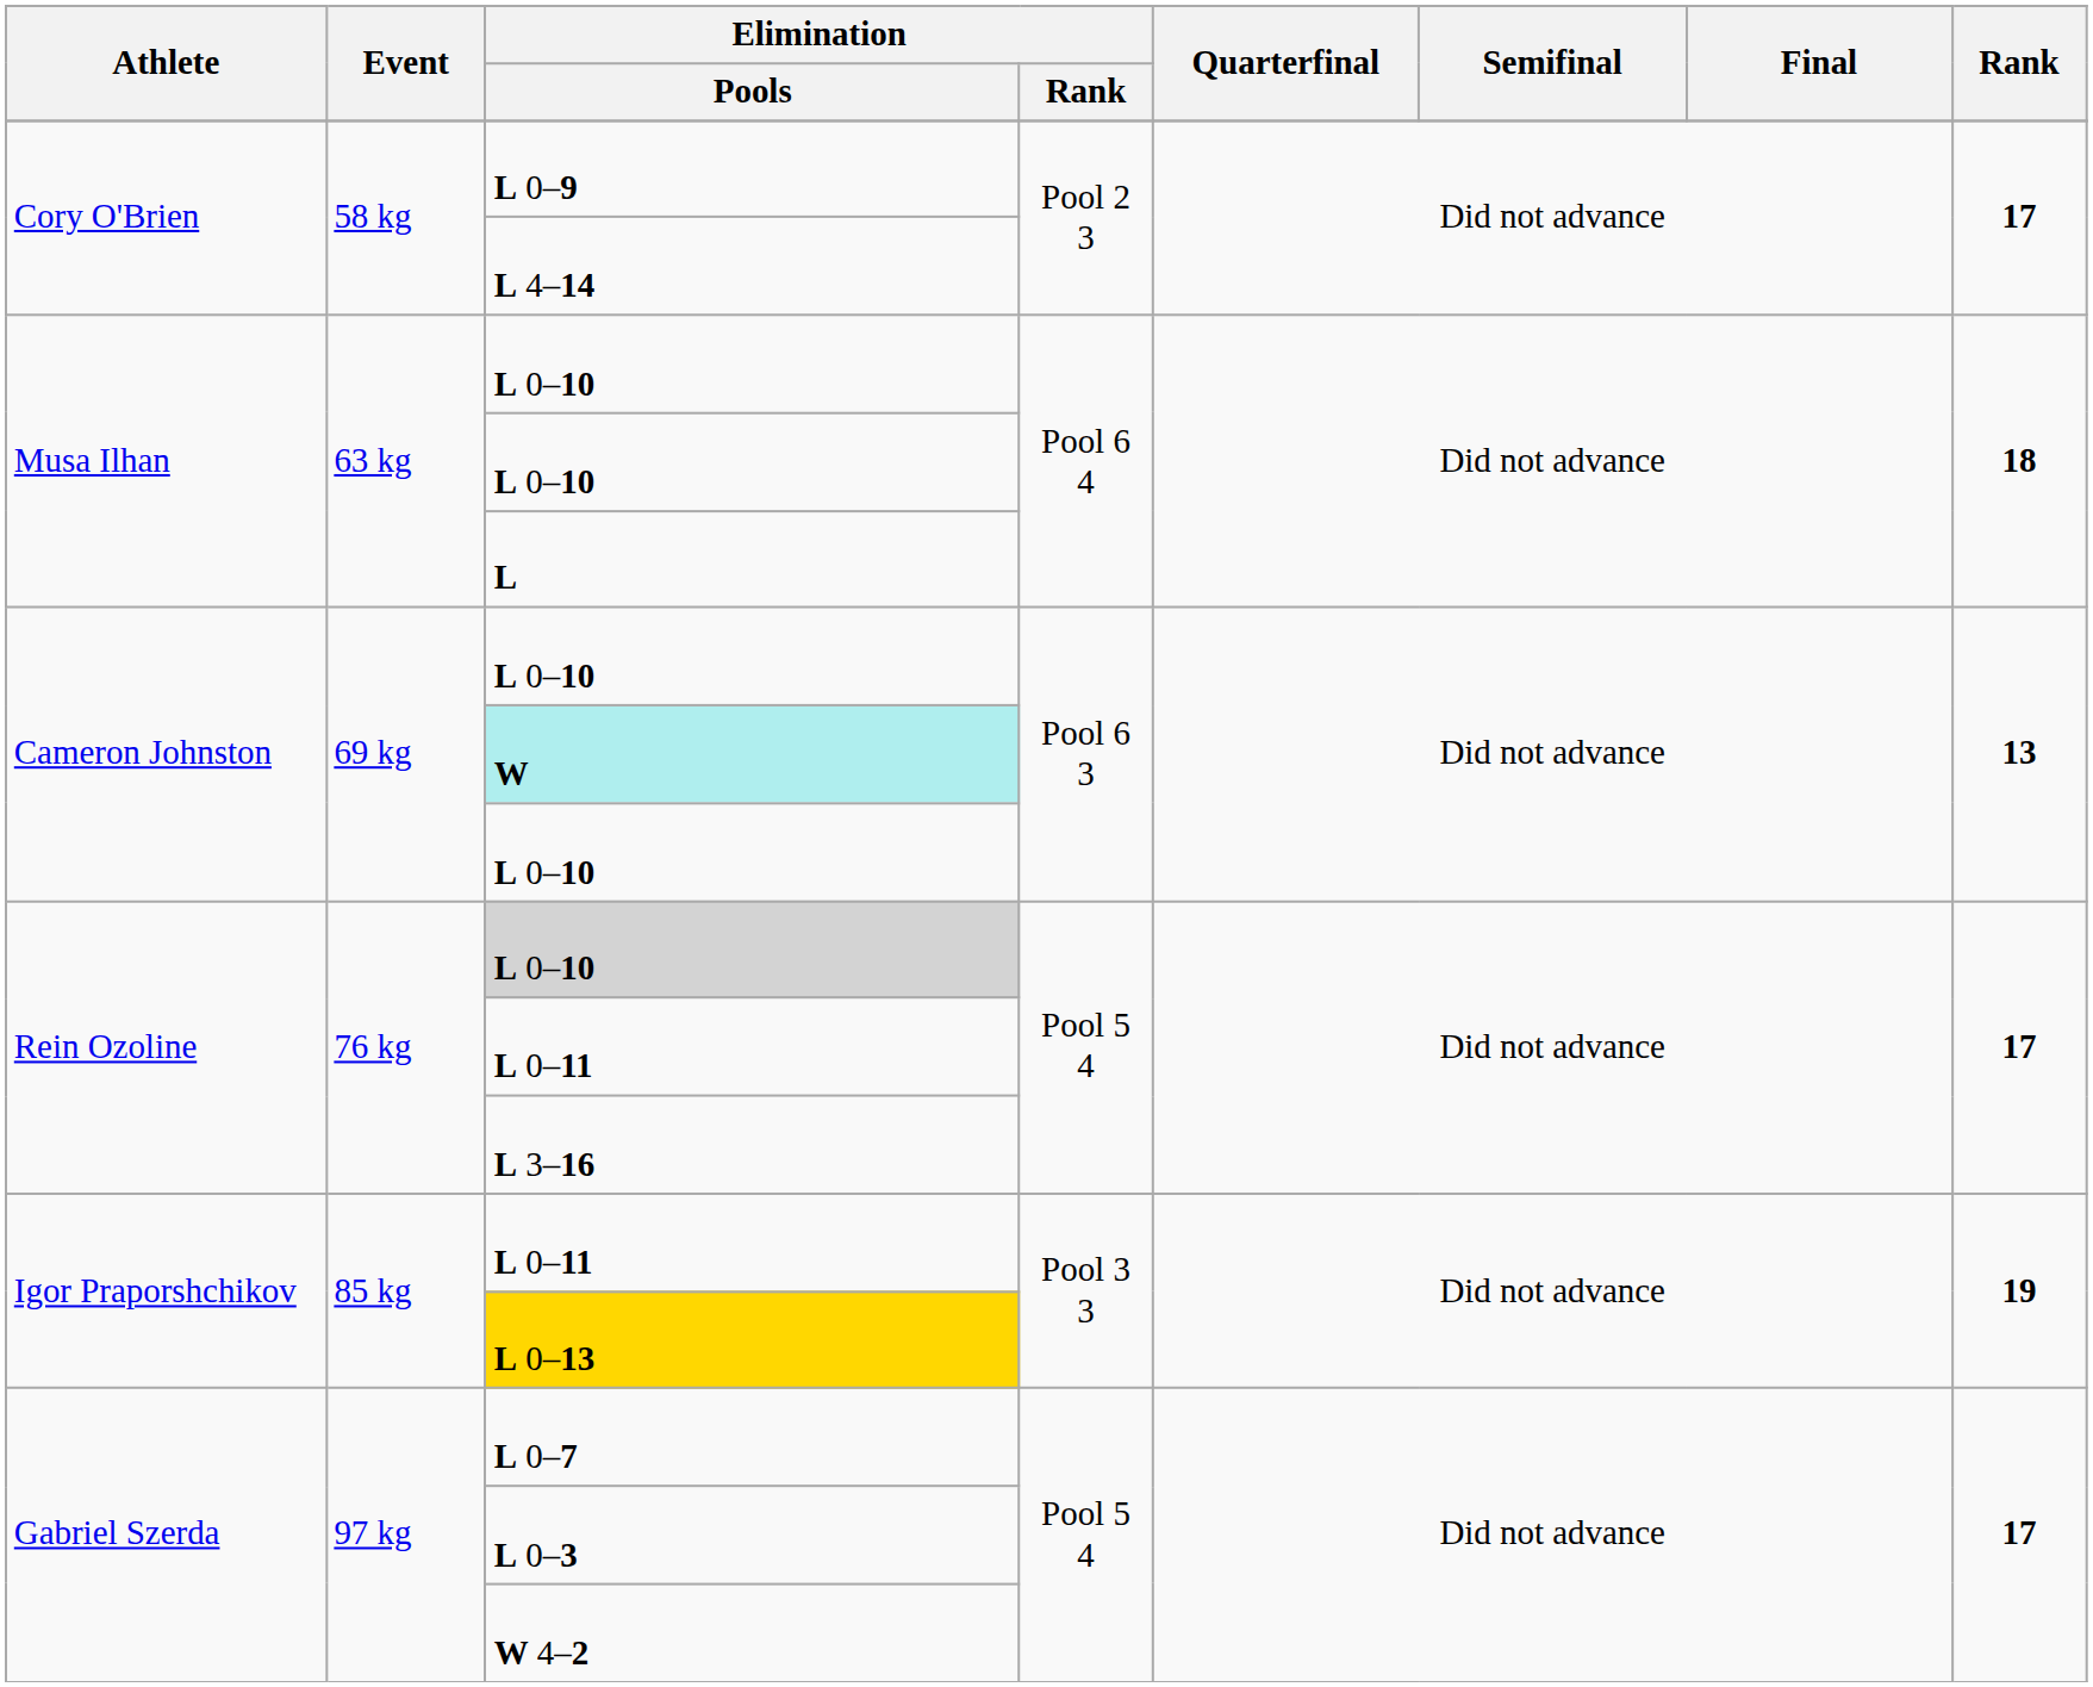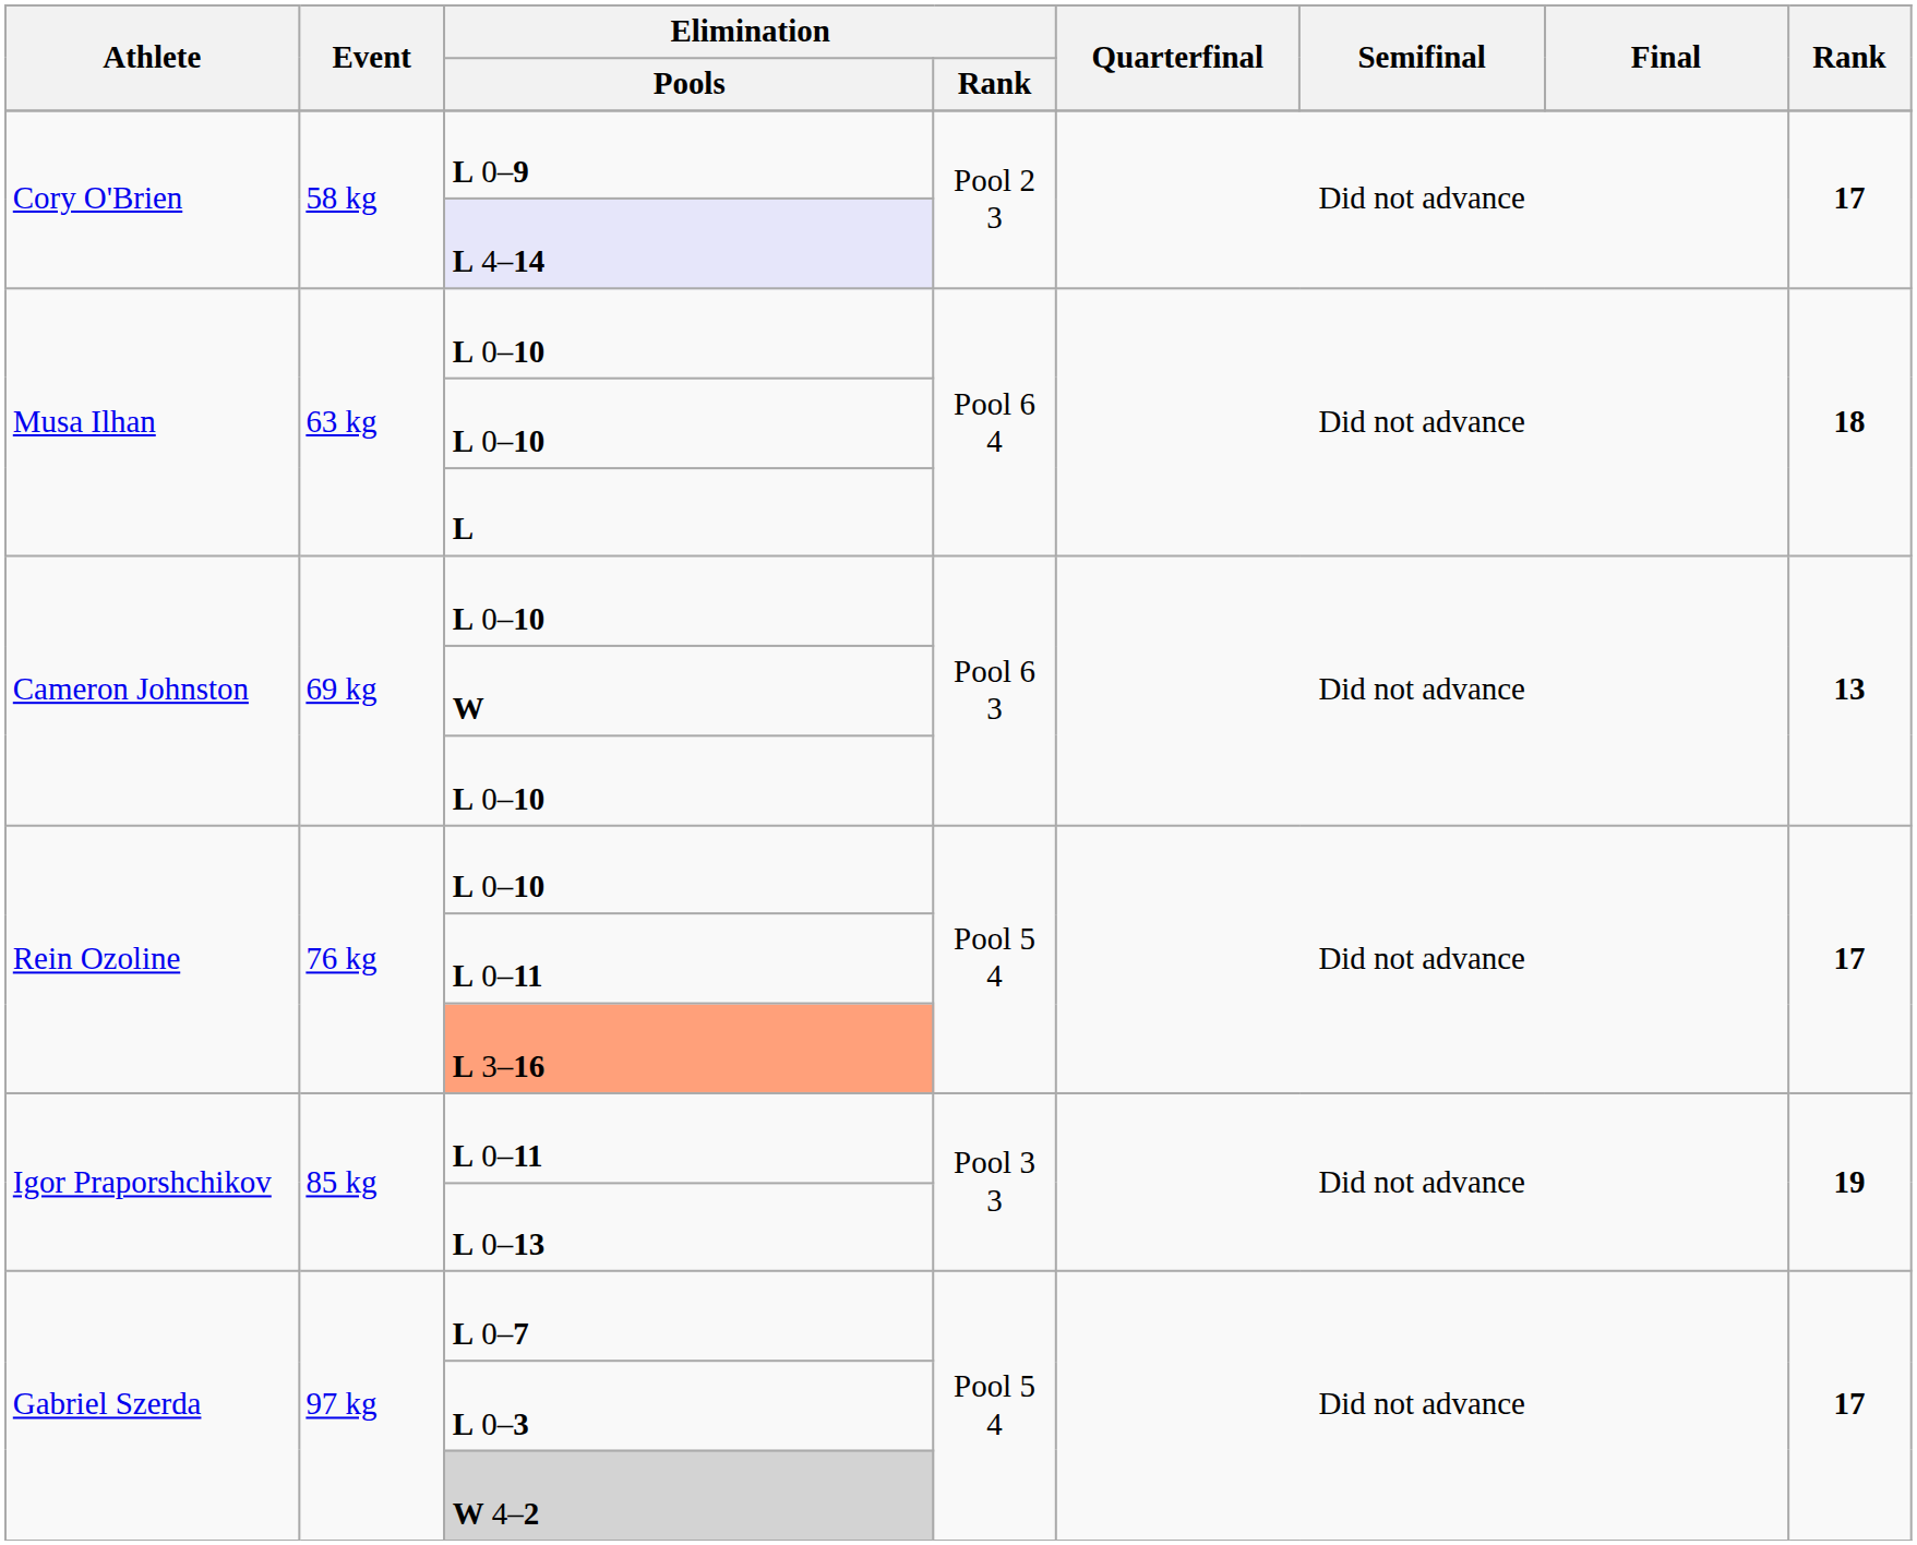 <table class="wikitable"  style="text-align:left; font-size:90%">
 <tr>
 <th rowspan="2" width="12%">Athlete</th>
 <th rowspan="2" width="6%">Event</th>
 <th colspan="2">Elimination</th>
 <th rowspan="2" width="10%">Quarterfinal</th>
 <th rowspan="2" width="10%">Semifinal</th>
 <th rowspan="2" width="10%">Final</th>
 <th rowspan="2" width="5%">Rank</th>
 </tr>
 <tr>
 <th width="20%">Pools</th>
 <th width="5%">Rank</th>
 </tr>
 <tr style="font-size: 95%">
 </tr>
 <tr>
 <td rowspan="2"><a href='#'>Cory O'Brien</a></td>
 <td rowspan="2"><a href='#'>58 kg</a></td>
 <td><br><strong>L</strong> 0–<strong>9</strong></td>
 <td rowspan="2" align=center>Pool 2<br>3</td>
 <td rowspan="2" colspan=3 align=center>Did not advance</td>
 <td rowspan="2" align="center"><strong>17</strong></td>
 </tr>
 <tr>
-<td><br><strong>L</strong> 4–<strong>14</strong></td>
+<td style="background: lavender;"><br><strong>L</strong> 4–<strong>14</strong></td>
 </tr>
 <tr>
 <td rowspan="3"><a href='#'>Musa Ilhan</a></td>
 <td rowspan="3"><a href='#'>63 kg</a></td>
 <td><br><strong>L</strong> 0–<strong>10</strong></td>
 <td rowspan="3" align=center>Pool 6<br>4</td>
 <td rowspan="3" colspan=3 align=center>Did not advance</td>
 <td rowspan="3" align="center"><strong>18</strong></td>
 </tr>
 <tr>
 <td><br><strong>L</strong> 0–<strong>10</strong></td>
 </tr>
 <tr>
 <td><br><strong>L</strong></td>
 </tr>
 <tr>
 <td rowspan="3"><a href='#'>Cameron Johnston</a></td>
 <td rowspan="3"><a href='#'>69 kg</a></td>
 <td><br><strong>L</strong> 0–<strong>10</strong></td>
 <td rowspan="3" align=center>Pool 6<br>3</td>
 <td rowspan="3" colspan=3 align=center>Did not advance</td>
 <td rowspan="3" align="center"><strong>13</strong></td>
 </tr>
 <tr>
-<td style="background: paleturquoise;"><br><strong>W</strong></td>
+<td><br><strong>W</strong></td>
 </tr>
 <tr>
 <td><br><strong>L</strong>  0–<strong>10</strong></td>
 </tr>
 <tr>
 <td rowspan="3"><a href='#'>Rein Ozoline</a></td>
 <td rowspan="3"><a href='#'>76 kg</a></td>
-<td style="background: lightgrey;"><br><strong>L</strong> 0–<strong>10</strong></td>
+<td><br><strong>L</strong> 0–<strong>10</strong></td>
 <td rowspan="3" align=center>Pool 5<br>4</td>
 <td rowspan="3" colspan=3 align=center>Did not advance</td>
 <td rowspan="3" align="center"><strong>17</strong></td>
 </tr>
 <tr>
 <td><br><strong>L</strong> 0–<strong>11</strong></td>
 </tr>
 <tr>
-<td><br><strong>L</strong> 3–<strong>16</strong></td>
+<td style="background: lightsalmon;"><br><strong>L</strong> 3–<strong>16</strong></td>
 </tr>
 <tr>
 <td rowspan="2"><a href='#'>Igor Praporshchikov</a></td>
 <td rowspan="2"><a href='#'>85 kg</a></td>
 <td><br><strong>L</strong> 0–<strong>11</strong></td>
 <td rowspan="2" align=center>Pool 3<br>3</td>
 <td rowspan="2" colspan=3 align=center>Did not advance</td>
 <td rowspan="2" align="center"><strong>19</strong></td>
 </tr>
 <tr>
-<td style="background: gold;"><br><strong>L</strong> 0–<strong>13</strong></td>
+<td><br><strong>L</strong> 0–<strong>13</strong></td>
 </tr>
 <tr>
 <td rowspan="3"><a href='#'>Gabriel Szerda</a></td>
 <td rowspan="3"><a href='#'>97 kg</a></td>
 <td><br><strong>L</strong> 0–<strong>7</strong></td>
 <td rowspan="3" align=center>Pool 5<br>4</td>
 <td rowspan="3" colspan=3 align=center>Did not advance</td>
 <td rowspan="3" align="center"><strong>17</strong></td>
 </tr>
 <tr>
 <td><br><strong>L</strong> 0–<strong>3</strong></td>
 </tr>
 <tr>
-<td><br><strong>W</strong> 4–<strong>2</strong></td>
+<td style="background: lightgrey;"><br><strong>W</strong> 4–<strong>2</strong></td>
 </tr>
 </table>
